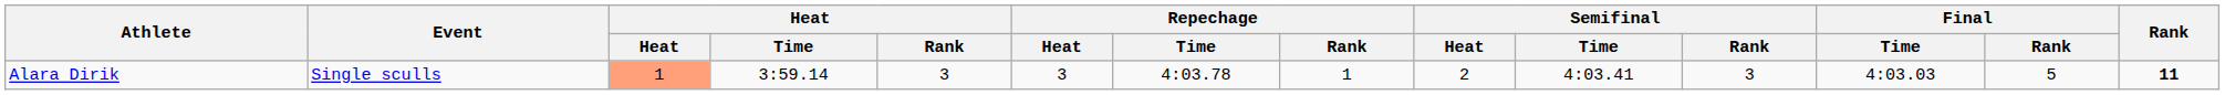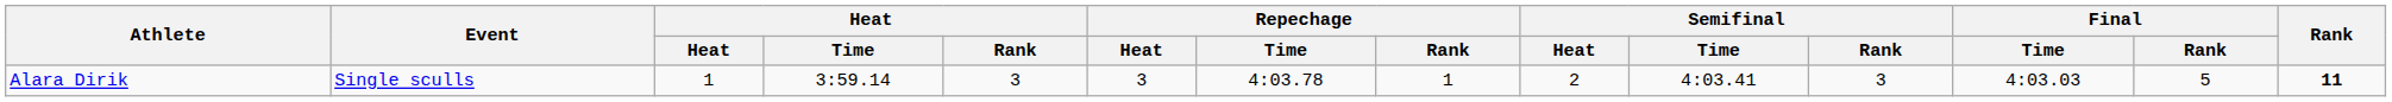 <table class="wikitable" width="98%" style="text-align:center; font-size:90%">
 <tr>
 <th rowspan="2" width="9%">Athlete</th>
 <th rowspan="2" width="9%">Event</th>
 <th colspan="3" width="12%">Heat</th>
 <th colspan="3" width="12%">Repechage</th>
 <th colspan="3" width="12%">Semifinal</th>
 <th colspan="2" width="9%">Final</th>
 <th rowspan="2" width="3%">Rank</th>
 </tr>
 <tr>
 <th width="3%">Heat</th>
 <th width="5%">Time</th>
 <th>Rank</th>
 <th width="3%">Heat</th>
 <th width="5%">Time</th>
 <th>Rank</th>
 <th width="3%">Heat</th>
 <th width="5%">Time</th>
 <th>Rank</th>
 <th width="5%">Time</th>
 <th>Rank</th>
 </tr>
 <tr>
 <td align="left"><a href='#'>Alara Dirik</a></td>
 <td align="left"><a href='#'>Single sculls</a></td>
-<td style="background: lightsalmon;">1</td>
+<td>1</td>
 <td>3:59.14</td>
 <td>3 <strong></strong></td>
 <td>3</td>
 <td>4:03.78</td>
 <td>1 <strong></strong></td>
 <td>2</td>
 <td>4:03.41</td>
 <td>3 <strong></strong></td>
 <td>4:03.03</td>
 <td>5</td>
 <td><strong>11</strong></td>
 </tr>
 </table>
